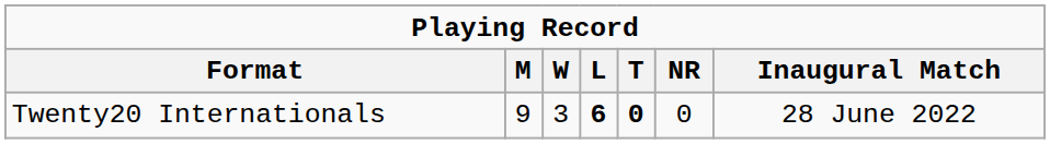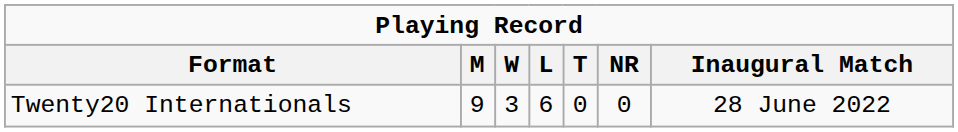 <table class="wikitable" style="text-align: center; width: 500px;">
 <tr>
 <td colspan=7 align="center"><strong>Playing Record</strong></td>
 </tr>
 <tr>
 <th>Format</th>
 <th>M</th>
 <th>W</th>
 <th>L</th>
 <th>T</th>
 <th>NR</th>
 <th>Inaugural Match</th>
 </tr>
 <tr>
 <td align="left">Twenty20 Internationals</td>
 <td>9</td>
 <td>3</td>
-<td><strong>6</strong></td>
-<td><strong>0</strong></td>
+<td>6</td>
+<td>0</td>
 <td>0</td>
 <td>28 June 2022</td>
 </tr>
 </table>
